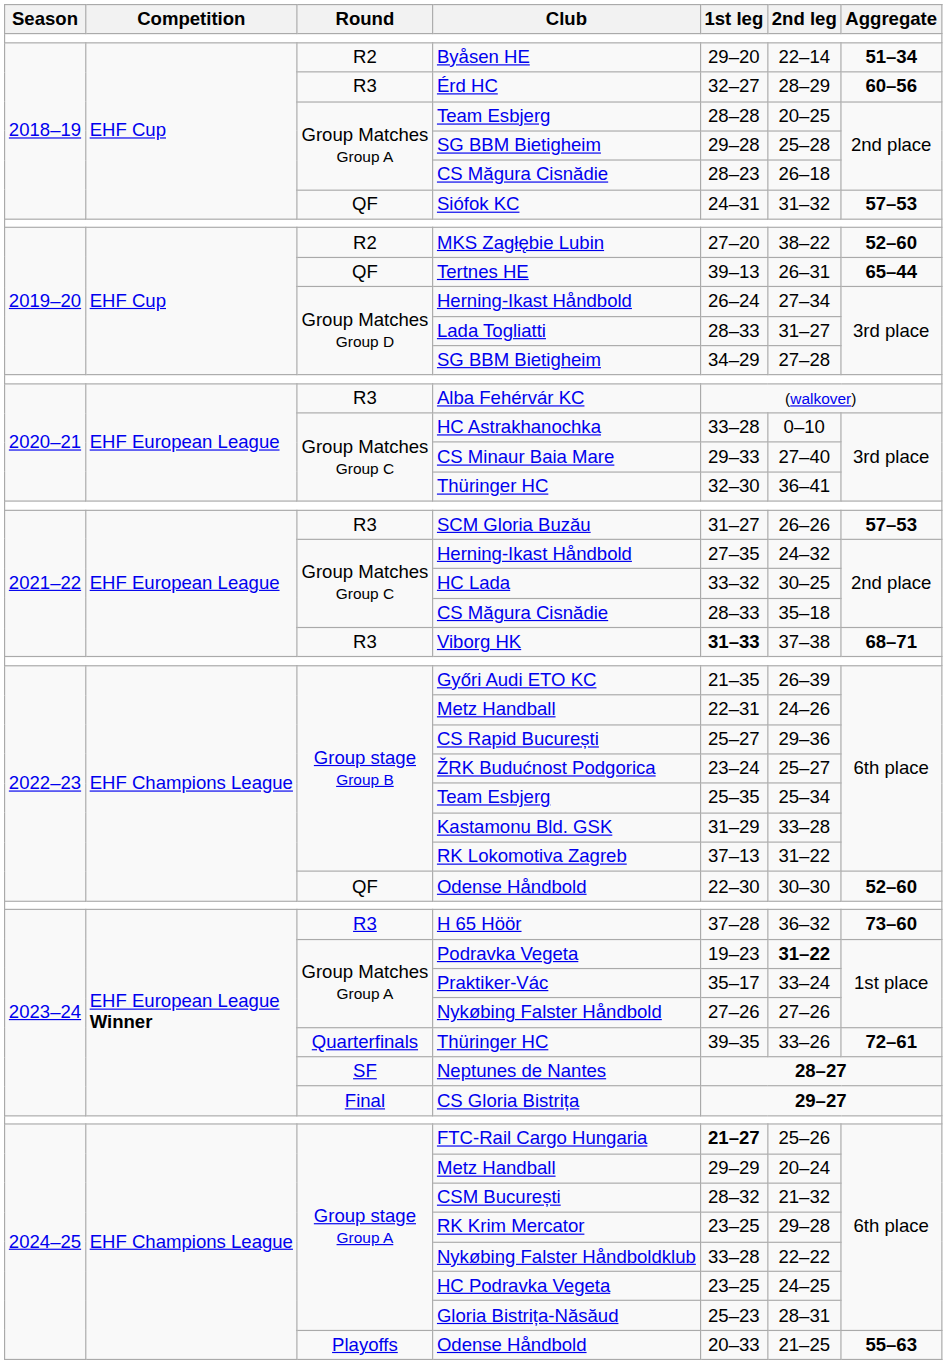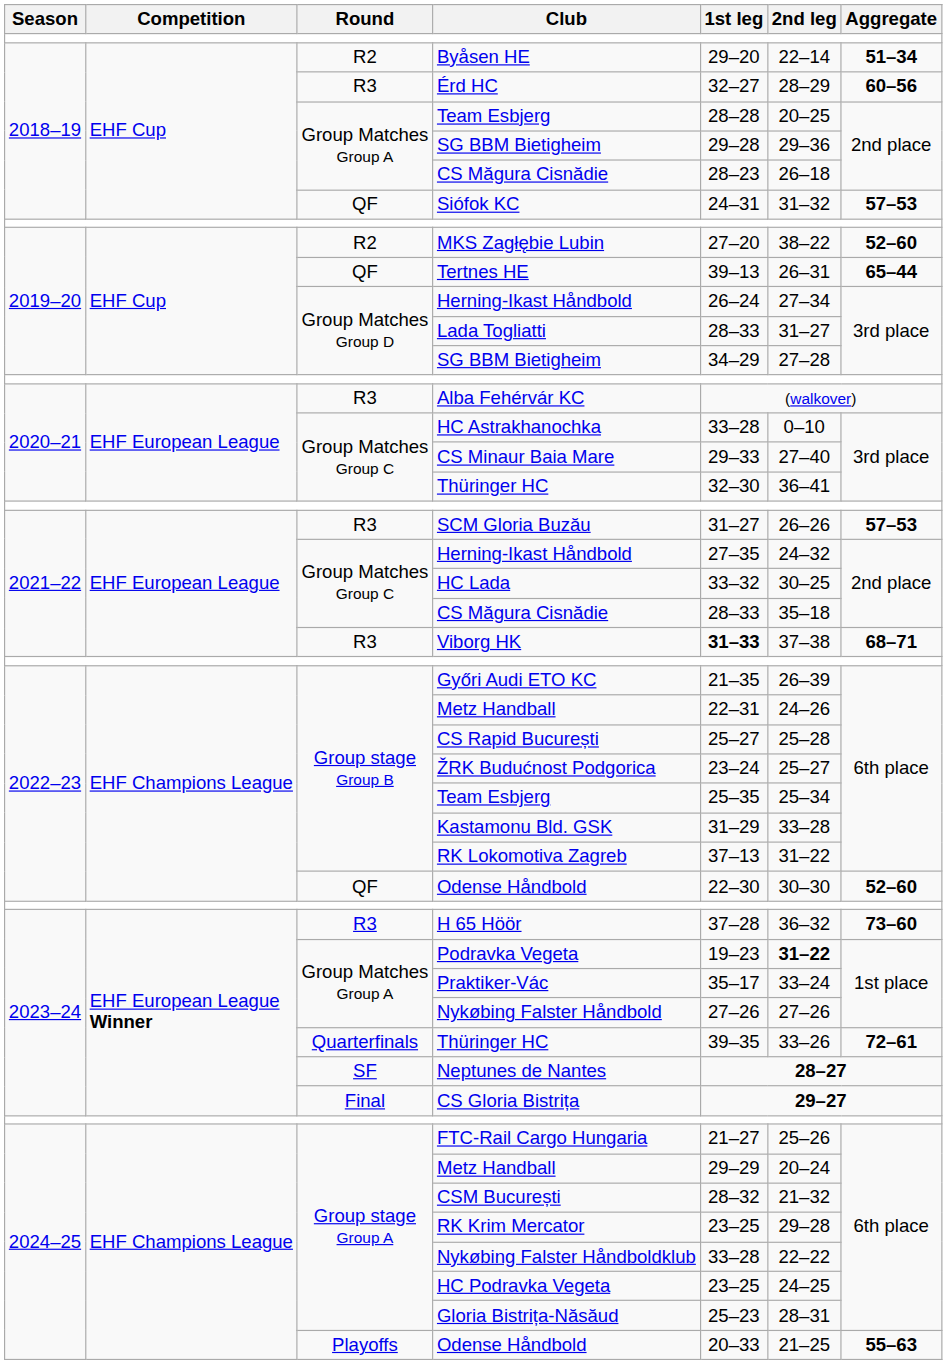 <table class="wikitable">
 <tr>
 <th>Season</th>
 <th>Competition</th>
 <th>Round</th>
 <th>Club</th>
 <th>1st leg</th>
 <th>2nd leg</th>
 <th>Aggregate</th>
 </tr>
 <tr>
 <td colspan="7" bgcolor=white></td>
 </tr>
 <tr>
 <td rowspan="6"><a href='#'>2018–19</a></td>
 <td rowspan="6"><a href='#'>EHF Cup</a></td>
 <td style="text-align:center;">R2</td>
 <td> <a href='#'>Byåsen HE</a></td>
 <td style="text-align:center;">29–20</td>
 <td style="text-align:center;">22–14</td>
 <td style="text-align:center;"><strong>51–34</strong></td>
 </tr>
 <tr>
 <td style="text-align:center;">R3</td>
 <td> <a href='#'>Érd HC</a></td>
 <td style="text-align:center;">32–27</td>
 <td style="text-align:center;">28–29</td>
 <td style="text-align:center;"><strong>60–56</strong></td>
 </tr>
 <tr>
 <td rowspan="3" style="text-align:center;">Group Matches <br> <small>Group A</small></td>
 <td> <a href='#'>Team Esbjerg</a></td>
 <td style="text-align:center;">28–28</td>
 <td style="text-align:center;">20–25</td>
 <td style="text-align:center;" rowspan=3>2nd place</td>
 </tr>
 <tr>
 <td> <a href='#'>SG BBM Bietigheim</a></td>
 <td style="text-align:center;">29–28</td>
-<td style="text-align:center;">25–28</td>
+<td style="text-align:center;">29–36</td>
 </tr>
 <tr>
 <td> <a href='#'>CS Măgura Cisnădie</a></td>
 <td style="text-align:center;">28–23</td>
 <td style="text-align:center;">26–18</td>
 </tr>
 <tr>
 <td style="text-align:center;">QF</td>
 <td> <a href='#'>Siófok KC</a></td>
 <td style="text-align:center;">24–31</td>
 <td style="text-align:center;">31–32</td>
 <td style="text-align:center;"><strong>57–53</strong></td>
 </tr>
 <tr>
 <td colspan="7" bgcolor=white></td>
 </tr>
 <tr>
 <td rowspan="5"><a href='#'>2019–20</a></td>
 <td rowspan="5"><a href='#'>EHF Cup</a></td>
 <td style="text-align:center;">R2</td>
 <td> <a href='#'>MKS Zagłębie Lubin</a></td>
 <td style="text-align:center;">27–20</td>
 <td style="text-align:center;">38–22</td>
 <td style="text-align:center;"><strong>52–60</strong></td>
 </tr>
 <tr>
 <td style="text-align:center;">QF</td>
 <td> <a href='#'>Tertnes HE</a></td>
 <td style="text-align:center;">39–13</td>
 <td style="text-align:center;">26–31</td>
 <td style="text-align:center;"><strong>65–44</strong></td>
 </tr>
 <tr>
 <td rowspan="3" style="text-align:center;">Group Matches <br> <small>Group D</small></td>
 <td> <a href='#'>Herning-Ikast Håndbold</a></td>
 <td style="text-align:center;">26–24</td>
 <td style="text-align:center;">27–34</td>
 <td style="text-align:center;" rowspan=3>3rd place</td>
 </tr>
 <tr>
 <td> <a href='#'>Lada Togliatti</a></td>
 <td style="text-align:center;">28–33</td>
 <td style="text-align:center;">31–27</td>
 </tr>
 <tr>
 <td> <a href='#'>SG BBM Bietigheim</a></td>
 <td style="text-align:center;">34–29</td>
 <td style="text-align:center;">27–28</td>
 </tr>
 <tr>
 <td colspan="7" bgcolor=white></td>
 </tr>
 <tr>
 <td rowspan="4"><a href='#'>2020–21</a></td>
 <td rowspan="4"><a href='#'>EHF European League</a></td>
 <td style="text-align:center;">R3</td>
 <td> <a href='#'>Alba Fehérvár KC</a></td>
 <td colspan=3; style="text-align:center;"><small>(<a href='#'>walkover</a>)</small></td>
 </tr>
 <tr>
 <td rowspan="3" style="text-align:center;">Group Matches <br> <small>Group C</small></td>
 <td> <a href='#'>HC Astrakhanochka</a></td>
 <td style="text-align:center;">33–28</td>
 <td style="text-align:center;">0–10</td>
 <td style="text-align:center;" rowspan=3>3rd place</td>
 </tr>
 <tr>
 <td> <a href='#'>CS Minaur Baia Mare</a></td>
 <td style="text-align:center;">29–33</td>
 <td style="text-align:center;">27–40</td>
 </tr>
 <tr>
 <td> <a href='#'>Thüringer HC</a></td>
 <td style="text-align:center;">32–30</td>
 <td style="text-align:center;">36–41</td>
 </tr>
 <tr>
 <td colspan="7" bgcolor=white></td>
 </tr>
 <tr>
 <td rowspan="5"><a href='#'>2021–22</a></td>
 <td rowspan="5"><a href='#'>EHF European League</a></td>
 <td style="text-align:center;">R3</td>
 <td> <a href='#'>SCM Gloria Buzău</a></td>
 <td style="text-align:center;">31–27</td>
 <td style="text-align:center;">26–26</td>
 <td style="text-align:center;"><strong>57–53</strong></td>
 </tr>
 <tr>
 <td rowspan="3" style="text-align:center;">Group Matches <br> <small>Group C</small></td>
 <td> <a href='#'>Herning-Ikast Håndbold</a></td>
 <td style="text-align:center;">27–35</td>
 <td style="text-align:center;">24–32</td>
 <td style="text-align:center;" rowspan=3>2nd place</td>
 </tr>
 <tr>
 <td> <a href='#'>HC Lada</a></td>
 <td style="text-align:center;">33–32</td>
 <td style="text-align:center;">30–25</td>
 </tr>
 <tr>
 <td> <a href='#'>CS Măgura Cisnădie</a></td>
 <td style="text-align:center;">28–33</td>
 <td style="text-align:center;">35–18</td>
 </tr>
 <tr>
 <td style="text-align:center;">R3</td>
 <td> <a href='#'>Viborg HK</a></td>
 <td style="text-align:center;"><strong>31–33</strong></td>
 <td style="text-align:center;">37–38</td>
 <td style="text-align:center;"><strong>68–71</strong></td>
 </tr>
 <tr>
 <td colspan=7 style="text-align: center;" bgcolor=white></td>
 </tr>
 <tr>
 <td rowspan=8><a href='#'>2022–23</a></td>
 <td rowspan=8><a href='#'>EHF Champions League</a></td>
 <td rowspan=7 style="text-align:center;"><a href='#'>Group stage<br><small>Group B</small></a></td>
 <td> <a href='#'>Győri Audi ETO KC</a></td>
 <td style="text-align:center;">21–35</td>
 <td style="text-align:center;">26–39</td>
 <td align=center rowspan=7>6th place</td>
 </tr>
 <tr>
 <td> <a href='#'>Metz Handball</a></td>
 <td style="text-align:center;">22–31</td>
 <td style="text-align:center;">24–26</td>
 </tr>
 <tr>
 <td> <a href='#'>CS Rapid București</a></td>
 <td style="text-align:center;">25–27</td>
-<td style="text-align:center;">29–36</td>
+<td style="text-align:center;">25–28</td>
 </tr>
 <tr>
 <td> <a href='#'>ŽRK Budućnost Podgorica</a></td>
 <td style="text-align:center;">23–24</td>
 <td style="text-align:center;">25–27</td>
 </tr>
 <tr>
 <td> <a href='#'>Team Esbjerg</a></td>
 <td style="text-align:center;">25–35</td>
 <td style="text-align:center;">25–34</td>
 </tr>
 <tr>
 <td> <a href='#'>Kastamonu Bld. GSK</a></td>
 <td style="text-align:center;">31–29</td>
 <td style="text-align:center;">33–28</td>
 </tr>
 <tr>
 <td> <a href='#'>RK Lokomotiva Zagreb</a></td>
 <td style="text-align:center;">37–13</td>
 <td style="text-align:center;">31–22</td>
 </tr>
 <tr>
 <td style="text-align:center;">QF</td>
 <td> <a href='#'>Odense Håndbold</a></td>
 <td style="text-align:center;">22–30</td>
 <td style="text-align:center;">30–30</td>
 <td style="text-align:center;"><strong>52–60</strong></td>
 </tr>
 <tr>
 <td colspan=7 style="text-align: center;" bgcolor=white></td>
 </tr>
 <tr>
 <td rowspan="7"><a href='#'>2023–24</a></td>
 <td rowspan="7"><a href='#'>EHF European League</a><br> <strong>Winner</strong></td>
 <td style="text-align:center;"><a href='#'>R3</a></td>
 <td> <a href='#'>H 65 Höör</a></td>
 <td style="text-align:center;">37–28</td>
 <td style="text-align:center;">36–32</td>
 <td style="text-align:center;"><strong>73–60</strong></td>
 </tr>
 <tr>
 <td rowspan="3" style="text-align:center;">Group Matches <br> <small>Group A</small></td>
 <td> <a href='#'>Podravka Vegeta</a></td>
 <td style="text-align:center;">19–23</td>
 <td style="text-align:center;"><strong>31–22</strong></td>
 <td style="text-align:center;" rowspan=3>1st place</td>
 </tr>
 <tr>
 <td> <a href='#'>Praktiker-Vác</a></td>
 <td style="text-align:center;">35–17</td>
 <td style="text-align:center;">33–24</td>
 </tr>
 <tr>
 <td> <a href='#'>Nykøbing Falster Håndbold</a></td>
 <td style="text-align:center;">27–26</td>
 <td style="text-align:center;">27–26</td>
 </tr>
 <tr>
 <td style="text-align:center;"><a href='#'>Quarterfinals</a></td>
 <td> <a href='#'>Thüringer HC</a></td>
 <td style="text-align:center;">39–35</td>
 <td style="text-align:center;">33–26</td>
 <td style="text-align:center;"><strong>72–61</strong></td>
 </tr>
 <tr>
 <td style="text-align:center;"><a href='#'>SF</a></td>
 <td> <a href='#'>Neptunes de Nantes</a></td>
 <td colspan=3; style="text-align:center;"><strong>28–27</strong></td>
 </tr>
 <tr>
 <td style="text-align:center;"><a href='#'>Final</a></td>
 <td> <a href='#'>CS Gloria Bistrița</a></td>
 <td colspan=3; style="text-align:center;"><strong>29–27</strong></td>
 </tr>
 <tr>
 <td colspan=7 style="text-align: center;" bgcolor=white></td>
 </tr>
 <tr>
 <td rowspan=8><a href='#'>2024–25</a></td>
 <td rowspan=8><a href='#'>EHF Champions League</a></td>
 <td rowspan=7 style="text-align:center;"><a href='#'>Group stage<br><small>Group A</small></a></td>
 <td> <a href='#'>FTC-Rail Cargo Hungaria</a></td>
-<td style="text-align:center;"><strong>21–27</strong></td>
+<td style="text-align:center;">21–27</td>
 <td style="text-align:center;">25–26</td>
 <td align=center rowspan=7>6th place</td>
 </tr>
 <tr>
 <td> <a href='#'>Metz Handball</a></td>
 <td style="text-align:center;">29–29</td>
 <td style="text-align:center;">20–24</td>
 </tr>
 <tr>
 <td> <a href='#'>CSM București</a></td>
 <td style="text-align:center;">28–32</td>
 <td style="text-align:center;">21–32</td>
 </tr>
 <tr>
 <td> <a href='#'>RK Krim Mercator</a></td>
 <td style="text-align:center;">23–25</td>
 <td style="text-align:center;">29–28</td>
 </tr>
 <tr>
 <td> <a href='#'>Nykøbing Falster Håndboldklub</a></td>
 <td style="text-align:center;">33–28</td>
 <td style="text-align:center;">22–22</td>
 </tr>
 <tr>
 <td> <a href='#'>HC Podravka Vegeta</a></td>
 <td style="text-align:center;">23–25</td>
 <td style="text-align:center;">24–25</td>
 </tr>
 <tr>
 <td> <a href='#'>Gloria Bistrița-Năsăud</a></td>
 <td style="text-align:center;">25–23</td>
 <td style="text-align:center;">28–31</td>
 </tr>
 <tr>
 <td style="text-align:center;"><a href='#'>Playoffs</a></td>
 <td> <a href='#'>Odense Håndbold</a></td>
 <td style="text-align:center;">20–33</td>
 <td style="text-align:center;">21–25</td>
 <td style="text-align:center;"><strong>55–63</strong></td>
 </tr>
 </table>
